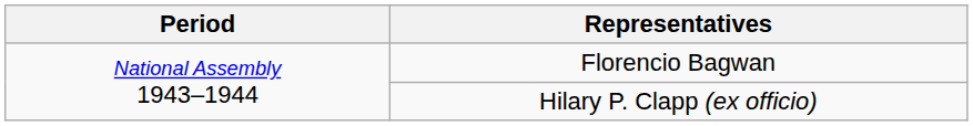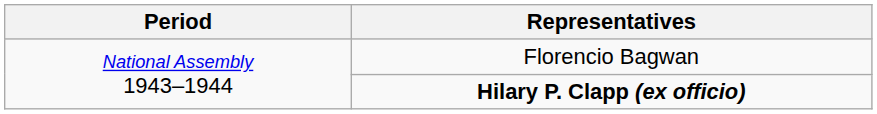 <table class="wikitable" style="text-align:center; width:40%;">
 <tr>
 <th width="40%">Period</th>
 <th>Representatives</th>
 </tr>
 <tr>
 <td rowspan="2"><small><a href='#'><em>National Assembly</em></a></small><br>1943–1944</td>
 <td>Florencio Bagwan</td>
 </tr>
 <tr>
-<td>Hilary P. Clapp <em>(ex officio)</em></td>
+<td><strong>Hilary P. Clapp <em>(ex officio)</em></strong></td>
 </tr>
 </table>
